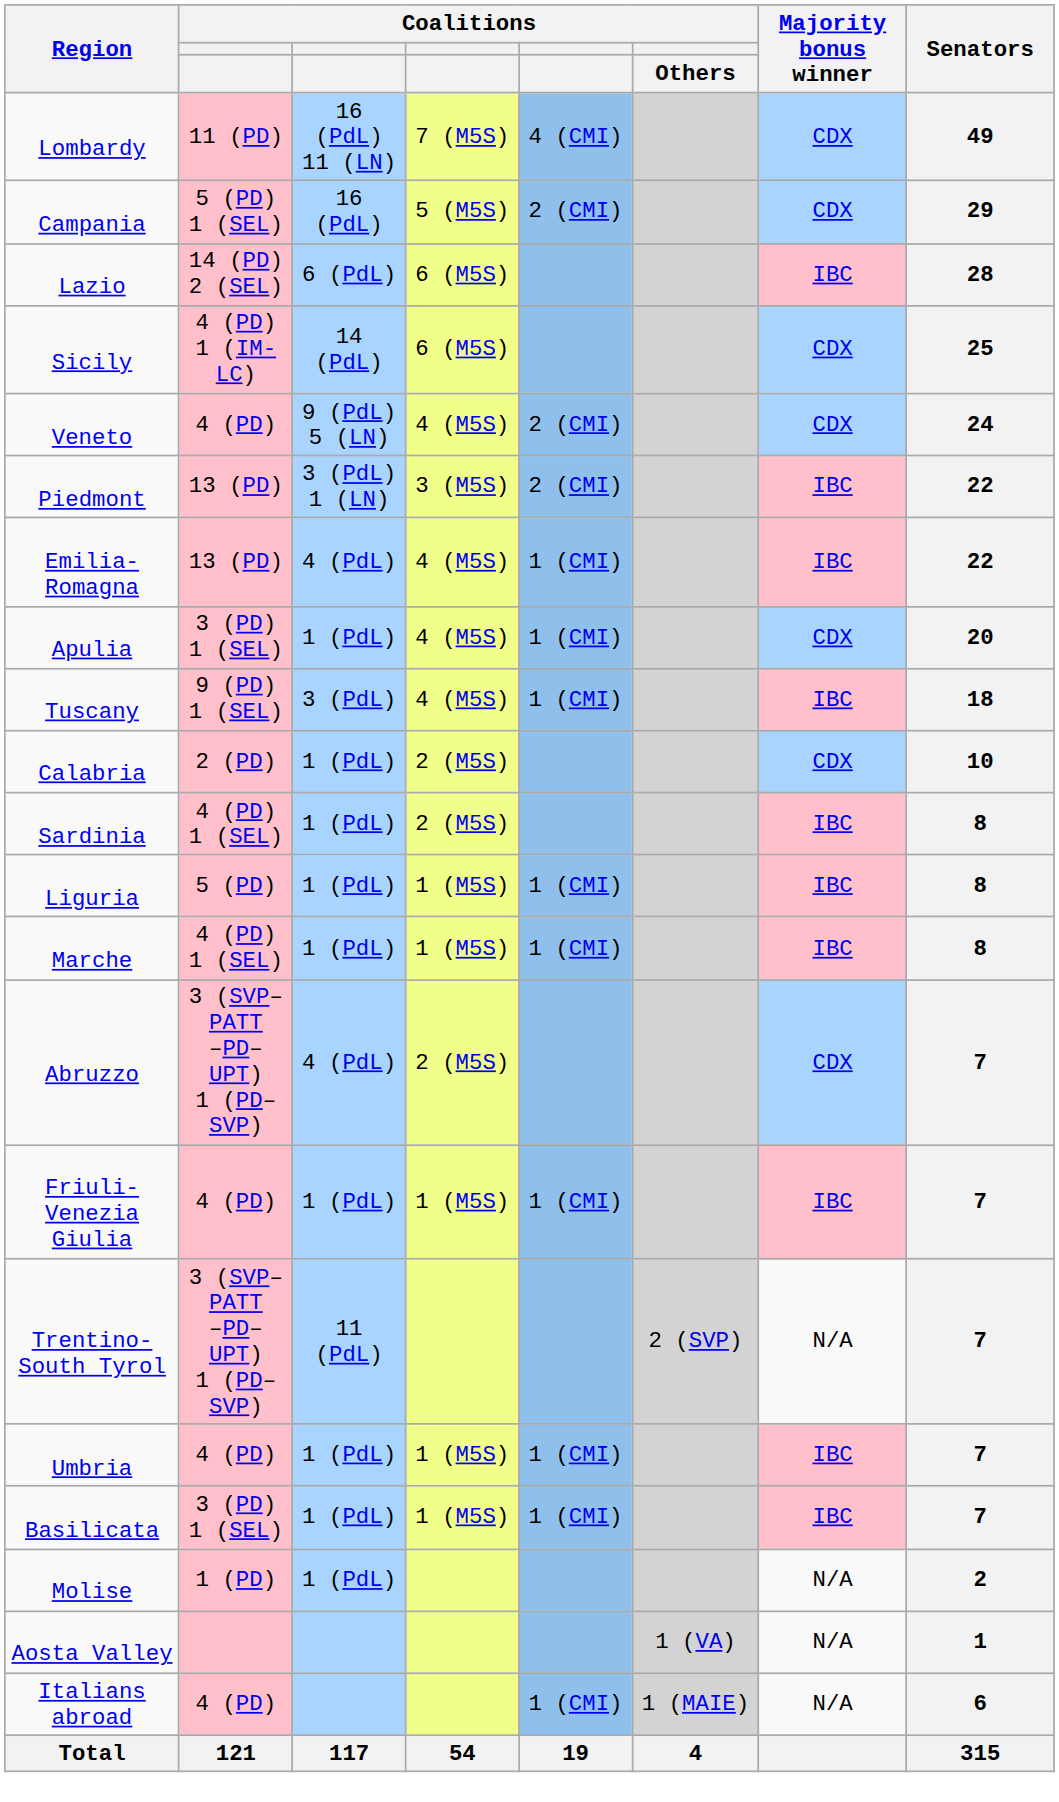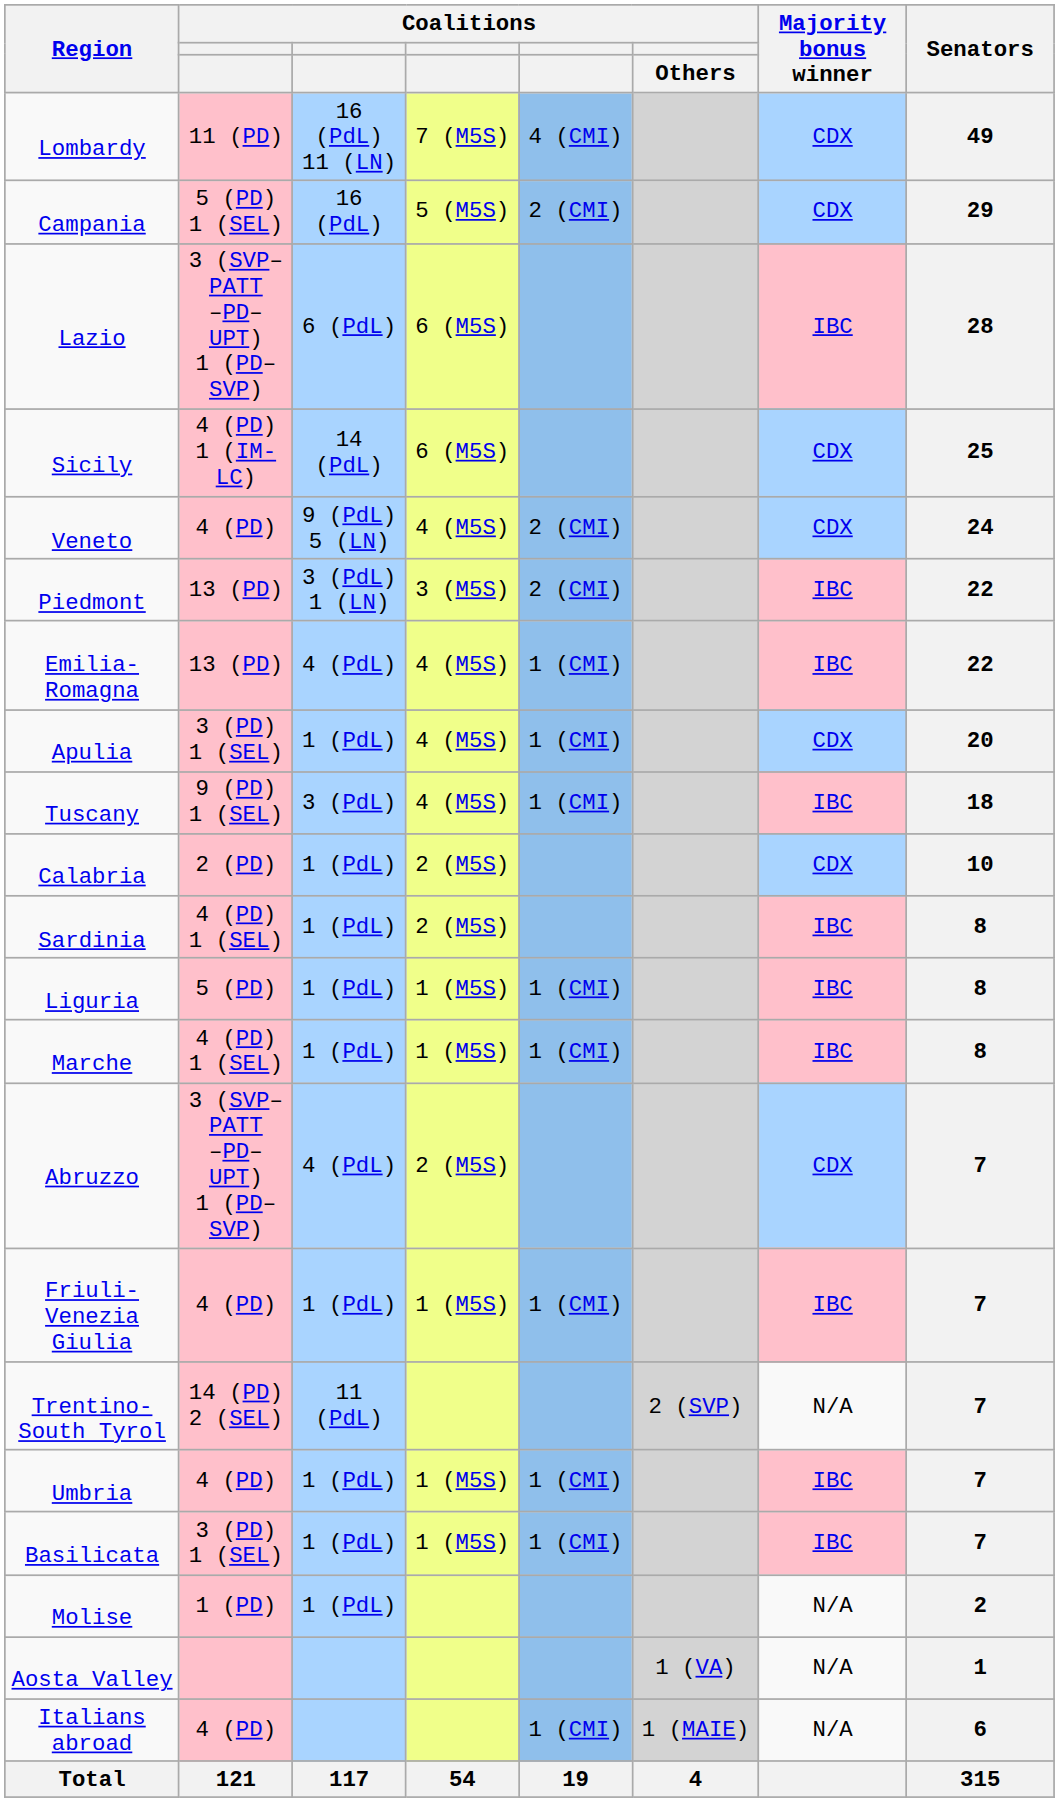 <table class="wikitable" style="text-align:center">
 <tr>
 <th style="width: 5%" rowspan="3"><a href='#'>Region</a></th>
 <th style="width: 30%" colspan=5>Coalitions</th>
 <th style="width: 5%" rowspan="3"><a href='#'>Majority bonus</a><br>winner</th>
 <th style="width: 5%" rowspan="3">Senators</th>
 </tr>
 <tr>
 <th style="width:90px; background-color:"></th>
 <th style="width:90px; background-color:"></th>
 <th style="width:90px; background-color:"></th>
 <th style="width:90px; background-color:"></th>
 <th style="width:90px; background-color:"></th>
 </tr>
 <tr>
 <th style="width:90px;"></th>
 <th style="width:90px;"></th>
 <th style="width:90px;"></th>
 <th style="width:90px;"></th>
 <th style="width:90px;">Others</th>
 </tr>
 <tr>
 <td><br><a href='#'>Lombardy</a></td>
 <td style="background:pink; text-align:center;">11 (<a href='#'>PD</a>)</td>
 <td style="background:#a9d4ff; text-align:center;">16 (<a href='#'>PdL</a>)<br>11 (<a href='#'>LN</a>)</td>
 <td style="background:#f0ff8a; text-align:center;">7 (<a href='#'>M5S</a>)</td>
 <td style="background:#8FBFEB; text-align:center;">4 (<a href='#'>CMI</a>)</td>
 <td style="background:lightgrey; text-align:center;"></td>
 <td style="background:#a9d4ff; text-align:center;"><a href='#'>CDX</a></td>
 <th>49</th>
 </tr>
 <tr>
 <td><br><a href='#'>Campania</a></td>
 <td style="background:pink; text-align:center;">5 (<a href='#'>PD</a>)<br>1 (<a href='#'>SEL</a>)</td>
 <td style="background:#a9d4ff; text-align:center;">16 (<a href='#'>PdL</a>)</td>
 <td style="background:#f0ff8a; text-align:center;">5 (<a href='#'>M5S</a>)</td>
 <td style="background:#8FBFEB; text-align:center;">2 (<a href='#'>CMI</a>)</td>
 <td style="background:lightgrey; text-align:center;"></td>
 <td style="background:#a9d4ff; text-align:center;"><a href='#'>CDX</a></td>
 <th>29</th>
 </tr>
 <tr>
 <td><br><a href='#'>Lazio</a></td>
-<td style="background:pink; text-align:center;">14 (<a href='#'>PD</a>)<br>2 (<a href='#'>SEL</a>)</td>
+<td style="background:pink; text-align:center;">3 (<a href='#'>SVP</a>–<a href='#'>PATT</a><br>–<a href='#'>PD</a>–<a href='#'>UPT</a>)<br>1 (<a href='#'>PD</a>–<a href='#'>SVP</a>)</td>
 <td style="background:#a9d4ff; text-align:center;">6 (<a href='#'>PdL</a>)</td>
 <td style="background:#f0ff8a; text-align:center;">6 (<a href='#'>M5S</a>)</td>
 <td style="background:#8FBFEB; text-align:center;"></td>
 <td style="background:lightgrey; text-align:center;"></td>
 <td style="background:pink; text-align:center;"><a href='#'>IBC</a></td>
 <th>28</th>
 </tr>
 <tr>
 <td><br><a href='#'>Sicily</a></td>
 <td style="background:pink; text-align:center;">4 (<a href='#'>PD</a>)<br>1 (<a href='#'>IM-LC</a>)</td>
 <td style="background:#a9d4ff; text-align:center;">14 (<a href='#'>PdL</a>)</td>
 <td style="background:#f0ff8a; text-align:center;">6 (<a href='#'>M5S</a>)</td>
 <td style="background:#8FBFEB; text-align:center;"></td>
 <td style="background:lightgrey; text-align:center;"></td>
 <td style="background:#a9d4ff; text-align:center;"><a href='#'>CDX</a></td>
 <th>25</th>
 </tr>
 <tr>
 <td><br><a href='#'>Veneto</a></td>
 <td style="background:pink; text-align:center;">4 (<a href='#'>PD</a>)</td>
 <td style="background:#a9d4ff; text-align:center;">9 (<a href='#'>PdL</a>)<br>5 (<a href='#'>LN</a>)</td>
 <td style="background:#f0ff8a; text-align:center;">4 (<a href='#'>M5S</a>)</td>
 <td style="background:#8FBFEB; text-align:center;">2 (<a href='#'>CMI</a>)</td>
 <td style="background:lightgrey; text-align:center;"></td>
 <td style="background:#a9d4ff; text-align:center;"><a href='#'>CDX</a></td>
 <th>24</th>
 </tr>
 <tr>
 <td><br><a href='#'>Piedmont</a></td>
 <td style="background:pink; text-align:center;">13 (<a href='#'>PD</a>)</td>
 <td style="background:#a9d4ff; text-align:center;">3 (<a href='#'>PdL</a>)<br>1 (<a href='#'>LN</a>)</td>
 <td style="background:#f0ff8a; text-align:center;">3 (<a href='#'>M5S</a>)</td>
 <td style="background:#8FBFEB; text-align:center;">2 (<a href='#'>CMI</a>)</td>
 <td style="background:lightgrey; text-align:center;"></td>
 <td style="background:pink; text-align:center;"><a href='#'>IBC</a></td>
 <th>22</th>
 </tr>
 <tr>
 <td><br><a href='#'>Emilia-Romagna</a></td>
 <td style="background:pink; text-align:center;">13 (<a href='#'>PD</a>)</td>
 <td style="background:#a9d4ff; text-align:center;">4 (<a href='#'>PdL</a>)</td>
 <td style="background:#f0ff8a; text-align:center;">4 (<a href='#'>M5S</a>)</td>
 <td style="background:#8FBFEB; text-align:center;">1 (<a href='#'>CMI</a>)</td>
 <td style="background:lightgrey; text-align:center;"></td>
 <td style="background:pink; text-align:center;"><a href='#'>IBC</a></td>
 <th>22</th>
 </tr>
 <tr>
 <td><br><a href='#'>Apulia</a></td>
 <td style="background:pink; text-align:center;">3 (<a href='#'>PD</a>)<br>1 (<a href='#'>SEL</a>)</td>
 <td style="background:#a9d4ff; text-align:center;">1 (<a href='#'>PdL</a>)</td>
 <td style="background:#f0ff8a; text-align:center;">4 (<a href='#'>M5S</a>)</td>
 <td style="background:#8FBFEB; text-align:center;">1 (<a href='#'>CMI</a>)</td>
 <td style="background:lightgrey; text-align:center;"></td>
 <td style="background:#a9d4ff; text-align:center;"><a href='#'>CDX</a></td>
 <th>20</th>
 </tr>
 <tr>
 <td><br><a href='#'>Tuscany</a></td>
 <td style="background:pink; text-align:center;">9 (<a href='#'>PD</a>)<br>1 (<a href='#'>SEL</a>)</td>
 <td style="background:#a9d4ff; text-align:center;">3 (<a href='#'>PdL</a>)</td>
 <td style="background:#f0ff8a; text-align:center;">4 (<a href='#'>M5S</a>)</td>
 <td style="background:#8FBFEB; text-align:center;">1 (<a href='#'>CMI</a>)</td>
 <td style="background:lightgrey; text-align:center;"></td>
 <td style="background:pink; text-align:center;"><a href='#'>IBC</a></td>
 <th>18</th>
 </tr>
 <tr>
 <td><br><a href='#'>Calabria</a></td>
 <td style="background:pink; text-align:center;">2 (<a href='#'>PD</a>)</td>
 <td style="background:#a9d4ff; text-align:center;">1 (<a href='#'>PdL</a>)</td>
 <td style="background:#f0ff8a; text-align:center;">2 (<a href='#'>M5S</a>)</td>
 <td style="background:#8FBFEB; text-align:center;"></td>
 <td style="background:lightgrey; text-align:center;"></td>
 <td style="background:#a9d4ff; text-align:center;"><a href='#'>CDX</a></td>
 <th>10</th>
 </tr>
 <tr>
 <td><br><a href='#'>Sardinia</a></td>
 <td style="background:pink; text-align:center;">4 (<a href='#'>PD</a>)<br>1 (<a href='#'>SEL</a>)</td>
 <td style="background:#a9d4ff; text-align:center;">1 (<a href='#'>PdL</a>)</td>
 <td style="background:#f0ff8a; text-align:center;">2 (<a href='#'>M5S</a>)</td>
 <td style="background:#8FBFEB; text-align:center;"></td>
 <td style="background:lightgrey; text-align:center;"></td>
 <td style="background:pink; text-align:center;"><a href='#'>IBC</a></td>
 <th>8</th>
 </tr>
 <tr>
 <td><br><a href='#'>Liguria</a></td>
 <td style="background:pink; text-align:center;">5 (<a href='#'>PD</a>)</td>
 <td style="background:#a9d4ff; text-align:center;">1 (<a href='#'>PdL</a>)</td>
 <td style="background:#f0ff8a; text-align:center;">1 (<a href='#'>M5S</a>)</td>
 <td style="background:#8FBFEB; text-align:center;">1 (<a href='#'>CMI</a>)</td>
 <td style="background:lightgrey; text-align:center;"></td>
 <td style="background:pink; text-align:center;"><a href='#'>IBC</a></td>
 <th>8</th>
 </tr>
 <tr>
 <td><br><a href='#'>Marche</a></td>
 <td style="background:pink; text-align:center;">4 (<a href='#'>PD</a>)<br>1 (<a href='#'>SEL</a>)</td>
 <td style="background:#a9d4ff; text-align:center;">1 (<a href='#'>PdL</a>)</td>
 <td style="background:#f0ff8a; text-align:center;">1 (<a href='#'>M5S</a>)</td>
 <td style="background:#8FBFEB; text-align:center;">1 (<a href='#'>CMI</a>)</td>
 <td style="background:lightgrey; text-align:center;"></td>
 <td style="background:pink; text-align:center;"><a href='#'>IBC</a></td>
 <th>8</th>
 </tr>
 <tr>
 <td><br><a href='#'>Abruzzo</a></td>
 <td style="background:pink; text-align:center;">3 (<a href='#'>SVP</a>–<a href='#'>PATT</a><br>–<a href='#'>PD</a>–<a href='#'>UPT</a>)<br>1 (<a href='#'>PD</a>–<a href='#'>SVP</a>)</td>
 <td style="background:#a9d4ff; text-align:center;">4 (<a href='#'>PdL</a>)</td>
 <td style="background:#f0ff8a; text-align:center;">2 (<a href='#'>M5S</a>)</td>
 <td style="background:#8FBFEB; text-align:center;"></td>
 <td style="background:lightgrey; text-align:center;"></td>
 <td style="background:#a9d4ff; text-align:center;"><a href='#'>CDX</a></td>
 <th>7</th>
 </tr>
 <tr>
 <td><br><a href='#'>Friuli-Venezia Giulia</a></td>
 <td style="background:pink; text-align:center;">4 (<a href='#'>PD</a>)</td>
 <td style="background:#a9d4ff; text-align:center;">1 (<a href='#'>PdL</a>)</td>
 <td style="background:#f0ff8a; text-align:center;">1 (<a href='#'>M5S</a>)</td>
 <td style="background:#8FBFEB; text-align:center;">1 (<a href='#'>CMI</a>)</td>
 <td style="background:lightgrey; text-align:center;"></td>
 <td style="background:pink; text-align:center;"><a href='#'>IBC</a></td>
 <th>7</th>
 </tr>
 <tr>
 <td><br><a href='#'>Trentino-South Tyrol</a></td>
-<td style="background:pink; text-align:center;">3 (<a href='#'>SVP</a>–<a href='#'>PATT</a><br>–<a href='#'>PD</a>–<a href='#'>UPT</a>)<br>1 (<a href='#'>PD</a>–<a href='#'>SVP</a>)</td>
+<td style="background:pink; text-align:center;">14 (<a href='#'>PD</a>)<br>2 (<a href='#'>SEL</a>)</td>
 <td style="background:#a9d4ff; text-align:center;">11 (<a href='#'>PdL</a>)</td>
 <td style="background:#f0ff8a; text-align:center;"></td>
 <td style="background:#8FBFEB; text-align:center;"></td>
 <td style="background:lightgrey; text-align:center;">2 (<a href='#'>SVP</a>)</td>
 <td style="text-align:center;">N/A</td>
 <th>7</th>
 </tr>
 <tr>
 <td><br><a href='#'>Umbria</a></td>
 <td style="background:pink; text-align:center;">4 (<a href='#'>PD</a>)</td>
 <td style="background:#a9d4ff; text-align:center;">1 (<a href='#'>PdL</a>)</td>
 <td style="background:#f0ff8a; text-align:center;">1 (<a href='#'>M5S</a>)</td>
 <td style="background:#8FBFEB; text-align:center;">1 (<a href='#'>CMI</a>)</td>
 <td style="background:lightgrey; text-align:center;"></td>
 <td style="background:pink; text-align:center;"><a href='#'>IBC</a></td>
 <th>7</th>
 </tr>
 <tr>
 <td><br><a href='#'>Basilicata</a></td>
 <td style="background:pink; text-align:center;">3 (<a href='#'>PD</a>)<br>1 (<a href='#'>SEL</a>)</td>
 <td style="background:#a9d4ff; text-align:center;">1 (<a href='#'>PdL</a>)</td>
 <td style="background:#f0ff8a; text-align:center;">1 (<a href='#'>M5S</a>)</td>
 <td style="background:#8FBFEB; text-align:center;">1 (<a href='#'>CMI</a>)</td>
 <td style="background:lightgrey; text-align:center;"></td>
 <td style="background:pink; text-align:center;"><a href='#'>IBC</a></td>
 <th>7</th>
 </tr>
 <tr>
 <td><br><a href='#'>Molise</a></td>
 <td style="background:pink; text-align:center;">1 (<a href='#'>PD</a>)</td>
 <td style="background:#a9d4ff; text-align:center;">1 (<a href='#'>PdL</a>)</td>
 <td style="background:#f0ff8a; text-align:center;"></td>
 <td style="background:#8FBFEB; text-align:center;"></td>
 <td style="background:lightgrey; text-align:center;"></td>
 <td style="text-align:center;">N/A</td>
 <th>2</th>
 </tr>
 <tr>
 <td><br><a href='#'>Aosta Valley</a></td>
 <td style="background:pink; text-align:center;"></td>
 <td style="background:#a9d4ff; text-align:center;"></td>
 <td style="background:#f0ff8a; text-align:center;"></td>
 <td style="background:#8FBFEB; text-align:center;"></td>
 <td style="background:lightgrey; text-align:center;">1 (<a href='#'>VA</a>)</td>
 <td style="text-align:center;">N/A</td>
 <th>1</th>
 </tr>
 <tr>
 <td><a href='#'>Italians abroad</a></td>
 <td style="background:pink; text-align:center;">4 (<a href='#'>PD</a>)</td>
 <td style="background:#a9d4ff; text-align:center;"></td>
 <td style="background:#f0ff8a; text-align:center;"></td>
 <td style="background:#8FBFEB; text-align:center;">1 (<a href='#'>CMI</a>)</td>
 <td style="background:lightgrey; text-align:center;">1 (<a href='#'>MAIE</a>)</td>
 <td style="text-align:center;">N/A</td>
 <th>6</th>
 </tr>
 <tr>
 <th>Total</th>
 <th>121</th>
 <th>117</th>
 <th>54</th>
 <th>19</th>
 <th>4</th>
 <th></th>
 <th>315</th>
 </tr>
 </table>
